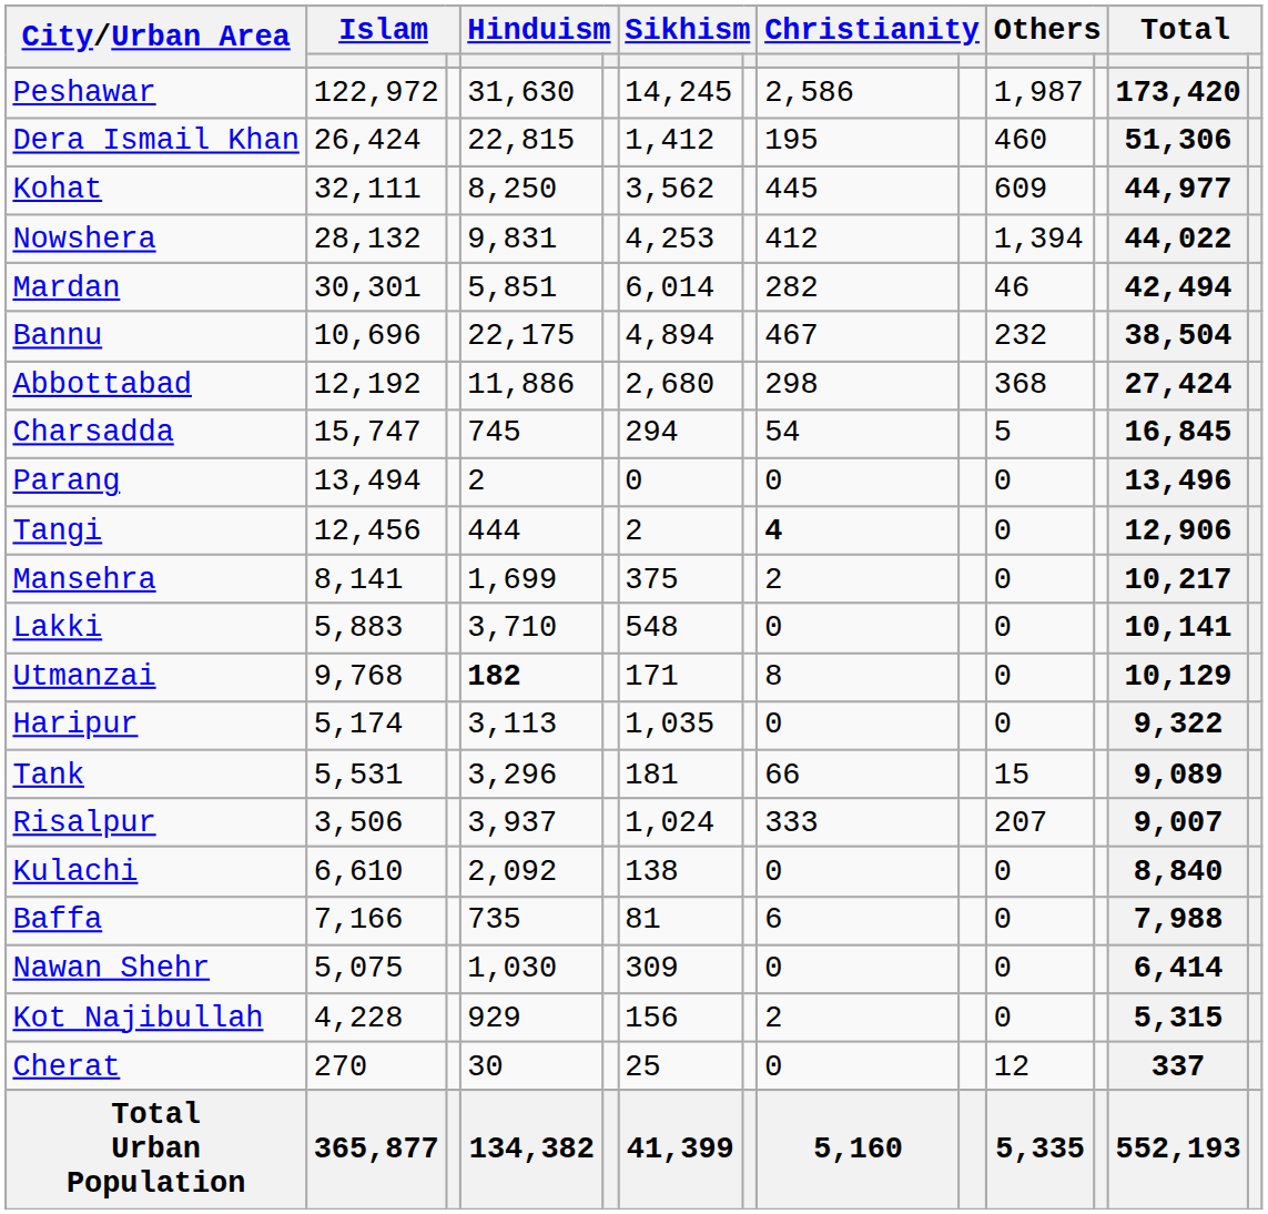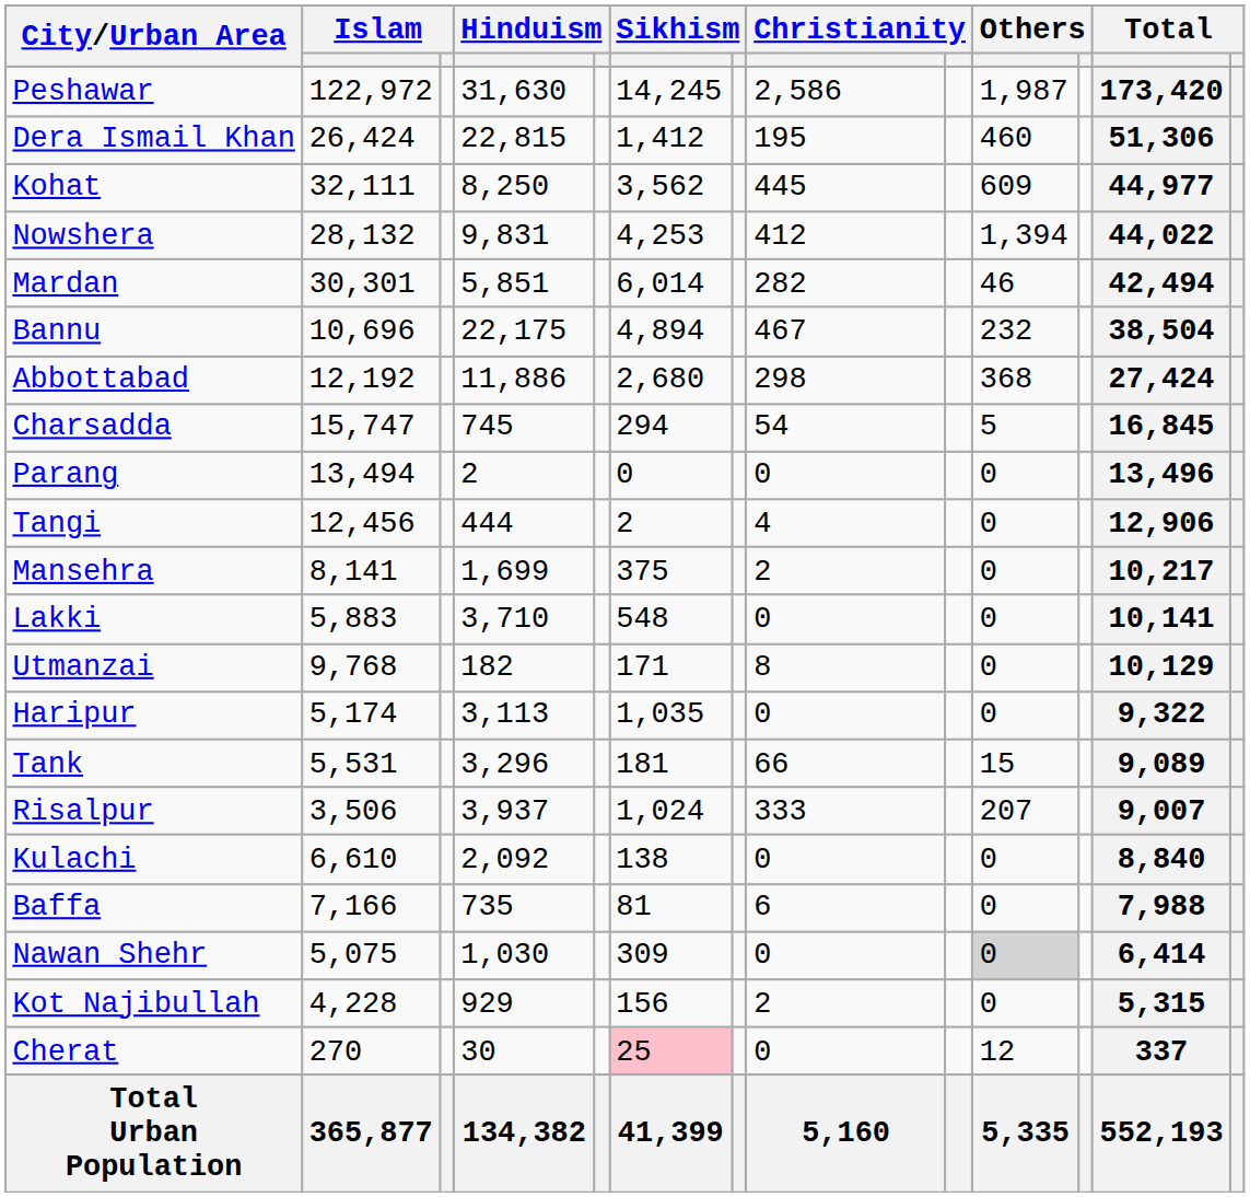 <table class="wikitable sortable">
 <tr>
 <th rowspan="2"><a href='#'>City</a>/<a href='#'>Urban Area</a></th>
 <th colspan="2"><a href='#'>Islam</a> </th>
 <th colspan="2"><a href='#'>Hinduism</a> </th>
 <th colspan="2"><a href='#'>Sikhism</a> </th>
 <th colspan="2"><a href='#'>Christianity</a> </th>
 <th colspan="2">Others</th>
 <th colspan="2">Total</th>
 </tr>
 <tr>
 <th><a href='#'></a></th>
 <th></th>
 <th></th>
 <th></th>
 <th></th>
 <th></th>
 <th></th>
 <th></th>
 <th></th>
 <th></th>
 <th></th>
 <th></th>
 </tr>
 <tr>
 <td><a href='#'>Peshawar</a></td>
 <td>122,972</td>
 <td></td>
 <td>31,630</td>
 <td></td>
 <td>14,245</td>
 <td></td>
 <td>2,586</td>
 <td></td>
 <td>1,987</td>
 <td></td>
 <th>173,420</th>
 <th></th>
 </tr>
 <tr>
 <td><a href='#'>Dera Ismail Khan</a></td>
 <td>26,424</td>
 <td></td>
 <td>22,815</td>
 <td></td>
 <td>1,412</td>
 <td></td>
 <td>195</td>
 <td></td>
 <td>460</td>
 <td></td>
 <th>51,306</th>
 <th></th>
 </tr>
 <tr>
 <td><a href='#'>Kohat</a></td>
 <td>32,111</td>
 <td></td>
 <td>8,250</td>
 <td></td>
 <td>3,562</td>
 <td></td>
 <td>445</td>
 <td></td>
 <td>609</td>
 <td></td>
 <th>44,977</th>
 <th></th>
 </tr>
 <tr>
 <td><a href='#'>Nowshera</a></td>
 <td>28,132</td>
 <td></td>
 <td>9,831</td>
 <td></td>
 <td>4,253</td>
 <td></td>
 <td>412</td>
 <td></td>
 <td>1,394</td>
 <td></td>
 <th>44,022</th>
 <th></th>
 </tr>
 <tr>
 <td><a href='#'>Mardan</a></td>
 <td>30,301</td>
 <td></td>
 <td>5,851</td>
 <td></td>
 <td>6,014</td>
 <td></td>
 <td>282</td>
 <td></td>
 <td>46</td>
 <td></td>
 <th>42,494</th>
 <th></th>
 </tr>
 <tr>
 <td><a href='#'>Bannu</a></td>
 <td>10,696</td>
 <td></td>
 <td>22,175</td>
 <td></td>
 <td>4,894</td>
 <td></td>
 <td>467</td>
 <td></td>
 <td>232</td>
 <td></td>
 <th>38,504</th>
 <th></th>
 </tr>
 <tr>
 <td><a href='#'>Abbottabad</a></td>
 <td>12,192</td>
 <td></td>
 <td>11,886</td>
 <td></td>
 <td>2,680</td>
 <td></td>
 <td>298</td>
 <td></td>
 <td>368</td>
 <td></td>
 <th>27,424</th>
 <th></th>
 </tr>
 <tr>
 <td><a href='#'>Charsadda</a></td>
 <td>15,747</td>
 <td></td>
 <td>745</td>
 <td></td>
 <td>294</td>
 <td></td>
 <td>54</td>
 <td></td>
 <td>5</td>
 <td></td>
 <th>16,845</th>
 <th></th>
 </tr>
 <tr>
 <td><a href='#'>Parang</a></td>
 <td>13,494</td>
 <td></td>
 <td>2</td>
 <td></td>
 <td>0</td>
 <td></td>
 <td>0</td>
 <td></td>
 <td>0</td>
 <td></td>
 <th>13,496</th>
 <th></th>
 </tr>
 <tr>
 <td><a href='#'>Tangi</a></td>
 <td>12,456</td>
 <td></td>
 <td>444</td>
 <td></td>
 <td>2</td>
 <td></td>
-<td><strong>4</strong></td>
+<td>4</td>
 <td></td>
 <td>0</td>
 <td></td>
 <th>12,906</th>
 <th></th>
 </tr>
 <tr>
 <td><a href='#'>Mansehra</a></td>
 <td>8,141</td>
 <td></td>
 <td>1,699</td>
 <td></td>
 <td>375</td>
 <td></td>
 <td>2</td>
 <td></td>
 <td>0</td>
 <td></td>
 <th>10,217</th>
 <th></th>
 </tr>
 <tr>
 <td><a href='#'>Lakki</a></td>
 <td>5,883</td>
 <td></td>
 <td>3,710</td>
 <td></td>
 <td>548</td>
 <td></td>
 <td>0</td>
 <td></td>
 <td>0</td>
 <td></td>
 <th>10,141</th>
 <th></th>
 </tr>
 <tr>
 <td><a href='#'>Utmanzai</a></td>
 <td>9,768</td>
 <td></td>
-<td><strong>182</strong></td>
+<td>182</td>
 <td></td>
 <td>171</td>
 <td></td>
 <td>8</td>
 <td></td>
 <td>0</td>
 <td></td>
 <th>10,129</th>
 <th></th>
 </tr>
 <tr>
 <td><a href='#'>Haripur</a></td>
 <td>5,174</td>
 <td></td>
 <td>3,113</td>
 <td></td>
 <td>1,035</td>
 <td></td>
 <td>0</td>
 <td></td>
 <td>0</td>
 <td></td>
 <th>9,322</th>
 <th></th>
 </tr>
 <tr>
 <td><a href='#'>Tank</a></td>
 <td>5,531</td>
 <td></td>
 <td>3,296</td>
 <td></td>
 <td>181</td>
 <td></td>
 <td>66</td>
 <td></td>
 <td>15</td>
 <td></td>
 <th>9,089</th>
 <th></th>
 </tr>
 <tr>
 <td><a href='#'>Risalpur</a></td>
 <td>3,506</td>
 <td></td>
 <td>3,937</td>
 <td></td>
 <td>1,024</td>
 <td></td>
 <td>333</td>
 <td></td>
 <td>207</td>
 <td></td>
 <th>9,007</th>
 <th></th>
 </tr>
 <tr>
 <td><a href='#'>Kulachi</a></td>
 <td>6,610</td>
 <td></td>
 <td>2,092</td>
 <td></td>
 <td>138</td>
 <td></td>
 <td>0</td>
 <td></td>
 <td>0</td>
 <td></td>
 <th>8,840</th>
 <th></th>
 </tr>
 <tr>
 <td><a href='#'>Baffa</a></td>
 <td>7,166</td>
 <td></td>
 <td>735</td>
 <td></td>
 <td>81</td>
 <td></td>
 <td>6</td>
 <td></td>
 <td>0</td>
 <td></td>
 <th>7,988</th>
 <th></th>
 </tr>
 <tr>
 <td><a href='#'>Nawan Shehr</a></td>
 <td>5,075</td>
 <td></td>
 <td>1,030</td>
 <td></td>
 <td>309</td>
 <td></td>
 <td>0</td>
 <td></td>
-<td>0</td>
+<td style="background: lightgrey;">0</td>
 <td></td>
 <th>6,414</th>
 <th></th>
 </tr>
 <tr>
 <td><a href='#'>Kot Najibullah</a></td>
 <td>4,228</td>
 <td></td>
 <td>929</td>
 <td></td>
 <td>156</td>
 <td></td>
 <td>2</td>
 <td></td>
 <td>0</td>
 <td></td>
 <th>5,315</th>
 <th></th>
 </tr>
 <tr>
 <td><a href='#'>Cherat</a></td>
 <td>270</td>
 <td></td>
 <td>30</td>
 <td></td>
-<td>25</td>
+<td style="background: pink;">25</td>
 <td></td>
 <td>0</td>
 <td></td>
 <td>12</td>
 <td></td>
 <th>337</th>
 <th></th>
 </tr>
 <tr>
 <th>Total<br>Urban<br>Population</th>
 <th>365,877</th>
 <th></th>
 <th>134,382</th>
 <th></th>
 <th>41,399</th>
 <th></th>
 <th>5,160</th>
 <th></th>
 <th>5,335</th>
 <th></th>
 <th>552,193</th>
 <th></th>
 </tr>
 </table>
